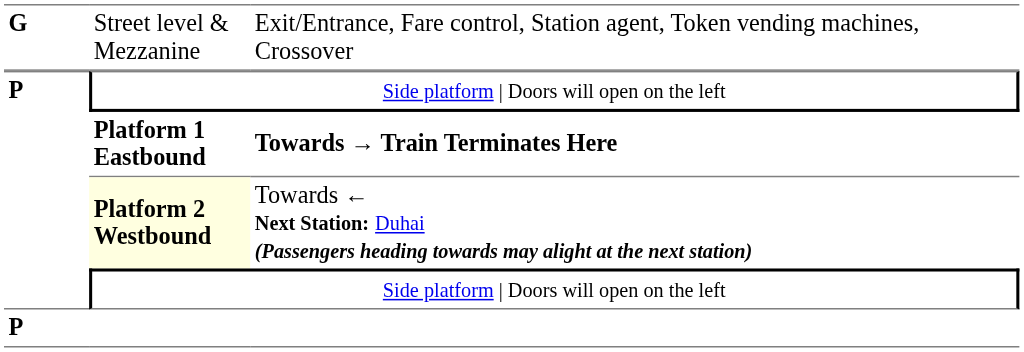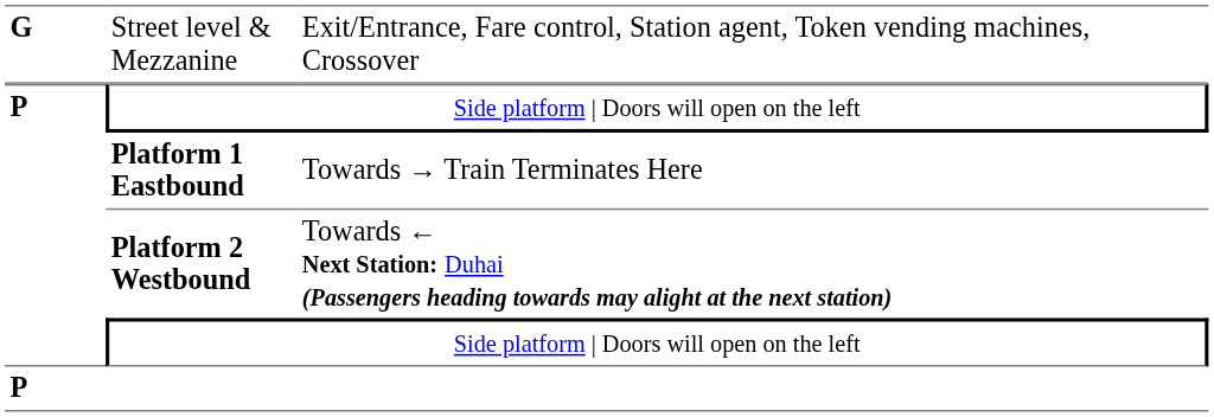 <table table border=0 cellspacing=0 cellpadding=3>
 <tr>
 <td style="border-bottom:solid 1px gray;border-top:solid 1px gray;" width=50 valign=top><strong>G</strong></td>
 <td style="border-top:solid 1px gray;border-bottom:solid 1px gray;" width=100 valign=top>Street level & Mezzanine</td>
 <td style="border-top:solid 1px gray;border-bottom:solid 1px gray;" width=500 valign=top>Exit/Entrance, Fare control, Station agent, Token vending machines, Crossover</td>
 </tr>
 <tr>
 <td style="border-top:solid 1px gray;border-bottom:solid 1px gray;" width=50 rowspan=4 valign=top><strong>P</strong></td>
 <td style="border-top:solid 1px gray;border-right:solid 2px black;border-left:solid 2px black;border-bottom:solid 2px black;text-align:center;" colspan=2><small><a href='#'>Side platform</a> | Doors will open on the left </small></td>
 </tr>
 <tr>
 <td style="border-bottom:solid 1px gray;" width=100><span><strong>Platform 1</strong><br><strong>Eastbound</strong></span></td>
-<td style="border-bottom:solid 1px gray;" width=500><strong>Towards → Train Terminates Here</strong></td>
+<td style="border-bottom:solid 1px gray;" width=500>Towards → Train Terminates Here</td>
 </tr>
 <tr>
-<td style="background: lightyellow;"><span><strong>Platform 2</strong><br><strong>Westbound</strong></span></td>
+<td><span><strong>Platform 2</strong><br><strong>Westbound</strong></span></td>
 <td>Towards ←  <br><small><strong>Next Station:</strong></small> <small><a href='#'>Duhai</a></small><br><small><strong><em>(Passengers heading towards  may alight at the next station)</em></strong></small></td>
 </tr>
 <tr>
 <td style="border-top:solid 2px black;border-right:solid 2px black;border-left:solid 2px black;border-bottom:solid 1px gray;" colspan=2  align=center><small><a href='#'>Side platform</a> | Doors will open on the left </small></td>
 </tr>
 <tr>
 <td style="border-bottom:solid 1px gray;" width=50 rowspan=2 valign=top><strong>P</strong></td>
 <td style="border-bottom:solid 1px gray;" width=100></td>
 <td style="border-bottom:solid 1px gray;" width=500></td>
 </tr>
 <tr>
 </tr>
 </table>
